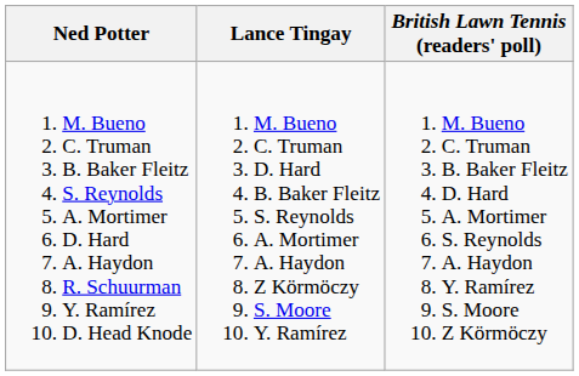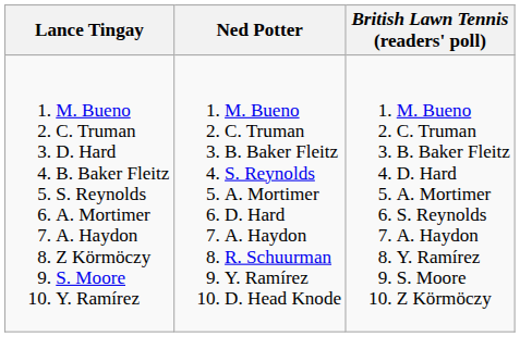 <table class="wikitable">
 <tr>
+<th>Lance Tingay<strong></strong></th>
 <th>Ned Potter</th>
-<th>Lance Tingay<strong></strong></th>
 <th><em>British Lawn Tennis</em><br>(readers' poll)</th>
 </tr>
 <tr style="vertical-align: top;">
+<td style="white-space: nowrap;"><br><ol><li> <a href='#'>M. Bueno</a></li><li> C. Truman</li><li> D. Hard</li><li> B. Baker Fleitz</li><li> S. Reynolds</li><li> A. Mortimer</li><li> A. Haydon</li><li> Z Körmöczy</li><li> <a href='#'>S. Moore</a></li><li> Y. Ramírez</li></ol></td>
 <td style="white-space: nowrap;"><br><ol><li> <a href='#'>M. Bueno</a></li><li> C. Truman</li><li> B. Baker Fleitz</li><li> <a href='#'>S. Reynolds</a></li><li> A. Mortimer</li><li> D. Hard</li><li> A. Haydon</li><li> <a href='#'>R. Schuurman</a></li><li> Y. Ramírez</li><li> D. Head Knode</li></ol></td>
-<td style="white-space: nowrap;"><br><ol><li> <a href='#'>M. Bueno</a></li><li> C. Truman</li><li> D. Hard</li><li> B. Baker Fleitz</li><li> S. Reynolds</li><li> A. Mortimer</li><li> A. Haydon</li><li> Z Körmöczy</li><li> <a href='#'>S. Moore</a></li><li> Y. Ramírez</li></ol></td>
 <td style="white-space: nowrap;"><br><ol><li> <a href='#'>M. Bueno</a></li><li> C. Truman</li><li> B. Baker Fleitz</li><li> D. Hard</li><li> A. Mortimer</li><li> S. Reynolds</li><li> A. Haydon</li><li> Y. Ramírez</li><li> S. Moore</li><li> Z Körmöczy</li></ol></td>
 </tr>
 </table>
